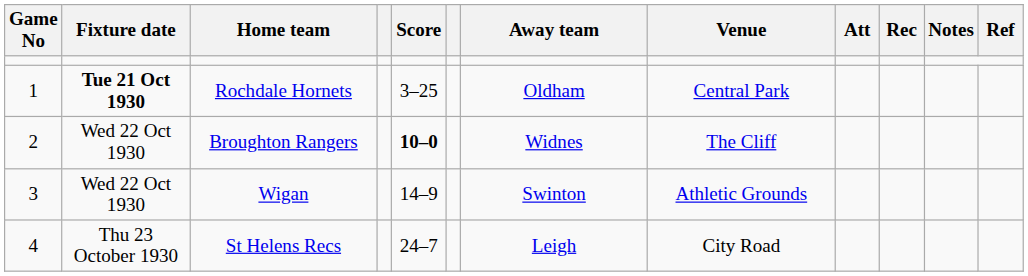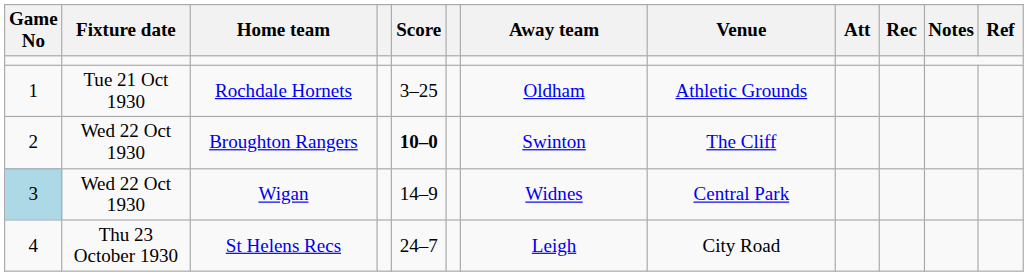 <table class="wikitable" style="text-align:center;">
 <tr>
 <th width=20 abbr="No">Game No</th>
 <th width=100 abbr="Date">Fixture date</th>
 <th width=150 abbr="Home team">Home team</th>
 <th width=5 abbr="space"></th>
 <th width=20 abbr="Score">Score</th>
 <th width=5 abbr="space"></th>
 <th width=150 abbr="Away team">Away team</th>
 <th width=150 abbr="Venue">Venue</th>
 <th width=30 abbr="Att">Att</th>
 <th width=30 abbr="Rec">Rec</th>
 <th width=20 abbr="Notes">Notes</th>
 <th width=30 abbr="Ref">Ref</th>
 </tr>
 <tr>
 <td></td>
 <td></td>
 <td></td>
 <td></td>
 <td></td>
 <td></td>
 <td></td>
 <td></td>
 <td></td>
 <td></td>
 </tr>
 <tr>
 <td>1</td>
-<td><strong>Tue 21 Oct 1930</strong></td>
+<td>Tue 21 Oct 1930</td>
 <td><a href='#'>Rochdale Hornets</a></td>
 <td></td>
 <td>3–25</td>
 <td></td>
 <td><a href='#'>Oldham</a></td>
-<td><a href='#'>Central Park</a></td>
+<td><a href='#'>Athletic Grounds</a></td>
 <td></td>
 <td></td>
 <td></td>
 <td></td>
 </tr>
 <tr>
 <td>2</td>
 <td>Wed 22 Oct 1930</td>
 <td><a href='#'>Broughton Rangers</a></td>
 <td></td>
 <td><strong>10–0</strong></td>
 <td></td>
-<td><a href='#'>Widnes</a></td>
+<td><a href='#'>Swinton</a></td>
 <td><a href='#'>The Cliff</a></td>
 <td></td>
 <td></td>
 <td></td>
 <td></td>
 </tr>
 <tr>
-<td>3</td>
+<td style="background: lightblue;">3</td>
 <td>Wed 22 Oct 1930</td>
 <td><a href='#'>Wigan</a></td>
 <td></td>
 <td>14–9</td>
 <td></td>
-<td><a href='#'>Swinton</a></td>
-<td><a href='#'>Athletic Grounds</a></td>
+<td><a href='#'>Widnes</a></td>
+<td><a href='#'>Central Park</a></td>
 <td></td>
 <td></td>
 <td></td>
 <td></td>
 </tr>
 <tr>
 <td>4</td>
 <td>Thu 23 October 1930</td>
 <td><a href='#'>St Helens Recs</a></td>
 <td></td>
 <td>24–7</td>
 <td></td>
 <td><a href='#'>Leigh</a></td>
 <td>City Road</td>
 <td></td>
 <td></td>
 <td></td>
 <td></td>
 </tr>
 </table>
